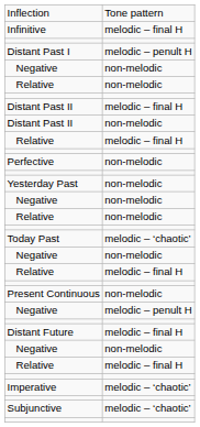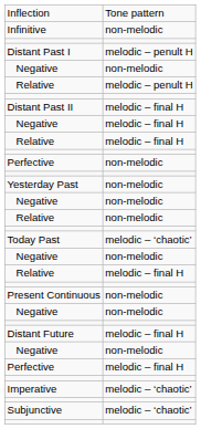 <table class="wikitable">
 <tr>
 <td>Inflection</td>
 <td>Tone pattern</td>
 </tr>
 <tr>
 <td>Infinitive</td>
-<td>melodic – final H</td>
+<td>non-melodic</td>
 </tr>
 <tr>
 <td></td>
 <td></td>
 </tr>
 <tr>
 <td>Distant Past I</td>
 <td>melodic – penult H</td>
 </tr>
 <tr>
 <td>   Negative</td>
 <td>non-melodic</td>
 </tr>
 <tr>
 <td>   Relative</td>
-<td>non-melodic</td>
+<td>melodic – penult H</td>
 </tr>
 <tr>
 <td></td>
 <td></td>
 </tr>
 <tr>
 <td>Distant Past II</td>
 <td>melodic – final H</td>
 </tr>
 <tr>
-<td>Distant Past II</td>
-<td>non-melodic</td>
+<td>   Negative</td>
+<td>melodic – final H</td>
 </tr>
 <tr>
 <td>   Relative</td>
 <td>melodic – final H</td>
 </tr>
 <tr>
 <td></td>
 <td></td>
 </tr>
 <tr>
 <td>Perfective</td>
 <td>non-melodic</td>
 </tr>
 <tr>
 <td></td>
 <td></td>
 </tr>
 <tr>
 <td>Yesterday Past</td>
 <td>non-melodic</td>
 </tr>
 <tr>
 <td>   Negative</td>
 <td>non-melodic</td>
 </tr>
 <tr>
 <td>   Relative</td>
 <td>non-melodic</td>
 </tr>
 <tr>
 <td></td>
 <td></td>
 </tr>
 <tr>
 <td>Today Past</td>
 <td>melodic – ‘chaotic’</td>
 </tr>
 <tr>
 <td>   Negative</td>
 <td>non-melodic</td>
 </tr>
 <tr>
 <td>   Relative</td>
 <td>melodic – final H</td>
 </tr>
 <tr>
 <td></td>
 <td></td>
 </tr>
 <tr>
 <td>Present Continuous</td>
 <td>non-melodic</td>
 </tr>
 <tr>
 <td>   Negative</td>
-<td>melodic – penult H</td>
+<td>non-melodic</td>
 </tr>
 <tr>
 <td></td>
 <td></td>
 </tr>
 <tr>
 <td>Distant Future</td>
 <td>melodic – final H</td>
 </tr>
 <tr>
 <td>   Negative</td>
 <td>non-melodic</td>
 </tr>
 <tr>
-<td>   Relative</td>
+<td>Perfective</td>
 <td>melodic – final H</td>
 </tr>
 <tr>
 <td></td>
 <td></td>
 </tr>
 <tr>
 <td>Imperative</td>
 <td>melodic – ‘chaotic’</td>
 </tr>
 <tr>
 <td></td>
 <td></td>
 </tr>
 <tr>
 <td>Subjunctive</td>
 <td>melodic – ‘chaotic’</td>
 </tr>
 <tr>
 <td></td>
 <td></td>
 </tr>
 </table>
